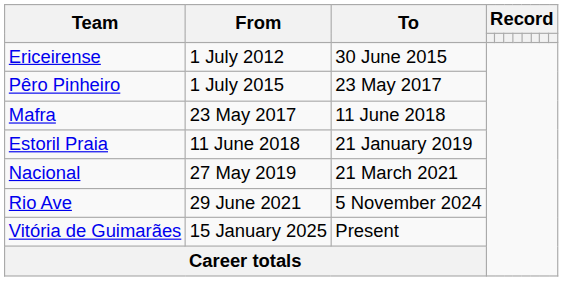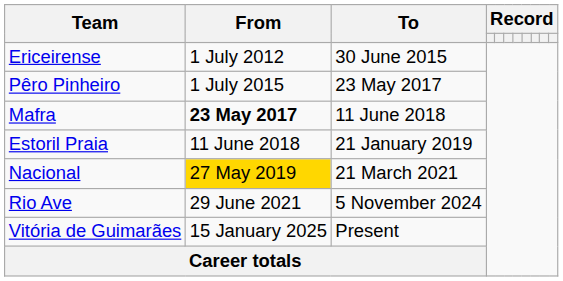 <table class="wikitable" style="text-align: center">
 <tr>
 <th rowspan="2">Team</th>
 <th rowspan="2">From</th>
 <th rowspan="2">To</th>
 <th colspan="8">Record</th>
 </tr>
 <tr>
 <th></th>
 <th></th>
 <th></th>
 <th></th>
 <th></th>
 <th></th>
 <th></th>
 <th></th>
 </tr>
 <tr>
 <td align="left"><a href='#'>Ericeirense</a></td>
 <td align=left>1 July 2012</td>
 <td align=left>30 June 2015<br></td>
 </tr>
 <tr>
 <td align="left"><a href='#'>Pêro Pinheiro</a></td>
 <td align=left>1 July 2015</td>
 <td align=left>23 May 2017<br></td>
 </tr>
 <tr>
 <td align="left"><a href='#'>Mafra</a></td>
-<td align=left>23 May 2017</td>
+<td align=left><strong>23 May 2017</strong></td>
 <td align=left>11 June 2018<br></td>
 </tr>
 <tr>
 <td align="left"><a href='#'>Estoril Praia</a></td>
 <td align=left>11 June 2018</td>
 <td align=left>21 January 2019<br></td>
 </tr>
 <tr>
 <td align="left"><a href='#'>Nacional</a></td>
-<td align=left>27 May 2019</td>
+<td align=left style="background: gold;">27 May 2019</td>
 <td align=left>21 March 2021<br></td>
 </tr>
 <tr>
 <td align="left"><a href='#'>Rio Ave</a></td>
 <td align=left>29 June 2021</td>
 <td align=left>5 November 2024<br></td>
 </tr>
 <tr>
 <td align="left"><a href='#'>Vitória de Guimarães</a></td>
 <td align=left>15 January 2025</td>
 <td align=left>Present<br></td>
 </tr>
 <tr>
 <th colspan=3>Career totals<br></th>
 </tr>
 </table>
